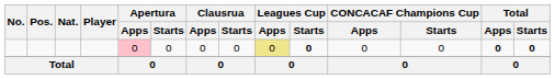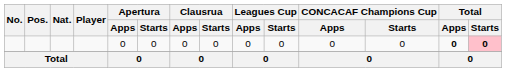 <table class="wikitable sortable" style="text-align:center">
 <tr>
 <th rowspan="2">No.</th>
 <th rowspan="2">Pos.</th>
 <th rowspan="2">Nat.</th>
 <th rowspan="2">Player</th>
 <th colspan="2">Apertura</th>
 <th colspan="2">Clausrua</th>
 <th colspan="2">Leagues Cup</th>
 <th colspan="2">CONCACAF Champions Cup</th>
 <th colspan="2">Total</th>
 </tr>
 <tr>
 <th>Apps</th>
 <th>Starts</th>
 <th>Apps</th>
 <th>Starts</th>
 <th>Apps</th>
 <th>Starts</th>
 <th>Apps</th>
 <th>Starts</th>
 <th>Apps</th>
 <th>Starts</th>
 </tr>
 <tr>
 <td></td>
 <td></td>
 <td></td>
 <td align=left></td>
-<td style="background: pink;">0</td>
 <td>0</td>
 <td>0</td>
 <td>0</td>
-<td style="background: khaki;">0</td>
-<td><strong>0</strong></td>
+<td>0</td>
+<td>0</td>
+<td>0</td>
 <td>0</td>
 <td>0</td>
 <td><strong>0</strong></td>
-<td><strong>0</strong></td>
+<td style="background: pink;"><strong>0</strong></td>
 </tr>
 <tr>
 </tr>
 <tr class="sortbottom">
 <th colspan=4>Total</th>
 <th colspan=2>0</th>
 <th colspan=2>0</th>
 <th colspan=2>0</th>
 <th colspan=2>0</th>
 <th colspan=2>0</th>
 </tr>
 </table>
